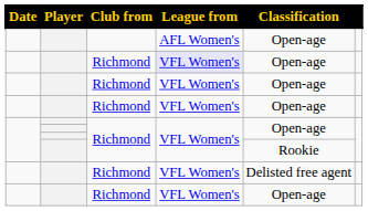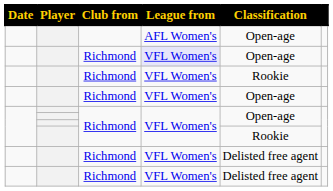 <table class="wikitable sortable plainrowheaders" style="text-align:center; font-size:100%">
 <tr>
 <th style="background:black; color:#FED102; border: solid black 2px;">Date</th>
 <th style="background:black; color:#FED102; border: solid black 2px;">Player</th>
 <th style="background:black; color:#FED102; border: solid black 2px;">Club from</th>
 <th style="background:black; color:#FED102; border: solid black 2px;">League from</th>
 <th style="background:black; color:#FED102; border: solid black 2px;">Classification</th>
 <th style="background:black; color:#FED102; border: solid black 2px;"></th>
 </tr>
 <tr>
 <td></td>
 <th scope="row"></th>
 <td></td>
 <td><a href='#'>AFL Women's</a></td>
 <td>Open-age</td>
 <td></td>
 </tr>
 <tr>
 <td></td>
 <th scope="row"></th>
 <td><a href='#'>Richmond</a></td>
 <td style="background: lavender;"><a href='#'>VFL Women's</a></td>
 <td>Open-age</td>
 <td></td>
 </tr>
 <tr>
 <td></td>
 <th scope="row"></th>
 <td><a href='#'>Richmond</a></td>
 <td><a href='#'>VFL Women's</a></td>
-<td>Open-age</td>
+<td>Rookie</td>
 <td></td>
 </tr>
 <tr>
 <td></td>
 <th scope="row"></th>
 <td><a href='#'>Richmond</a></td>
 <td><a href='#'>VFL Women's</a></td>
 <td>Open-age</td>
 <td></td>
 </tr>
 <tr>
 <td rowspan=4></td>
 <th scope="row"></th>
 <td rowspan=4><a href='#'>Richmond</a></td>
 <td rowspan=4><a href='#'>VFL Women's</a></td>
 <td rowspan=3>Open-age</td>
 <td rowspan=4></td>
 </tr>
 <tr>
 <th scope="row"></th>
 </tr>
 <tr>
 <th scope="row"></th>
 </tr>
 <tr>
 <th scope="row"></th>
 <td>Rookie</td>
 </tr>
 <tr>
 <td></td>
 <th scope="row"></th>
 <td><a href='#'>Richmond</a></td>
 <td><a href='#'>VFL Women's</a></td>
 <td>Delisted free agent</td>
 <td></td>
 </tr>
 <tr>
 <td></td>
 <th scope="row"></th>
 <td><a href='#'>Richmond</a></td>
 <td><a href='#'>VFL Women's</a></td>
-<td>Open-age</td>
+<td>Delisted free agent</td>
 <td></td>
 </tr>
 </table>
